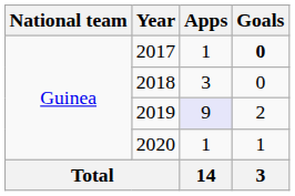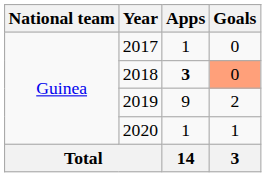 <table class="wikitable" style="text-align:center">
 <tr>
 <th>National team</th>
 <th>Year</th>
 <th>Apps</th>
 <th>Goals</th>
 </tr>
 <tr>
 <td rowspan="4"><a href='#'>Guinea</a></td>
 <td>2017</td>
 <td>1</td>
-<td><strong>0</strong></td>
+<td>0</td>
 </tr>
 <tr>
 <td>2018</td>
-<td>3</td>
-<td>0</td>
+<td><strong>3</strong></td>
+<td style="background: lightsalmon;">0</td>
 </tr>
 <tr>
 <td>2019</td>
-<td style="background: lavender;">9</td>
+<td>9</td>
 <td>2</td>
 </tr>
 <tr>
 <td>2020</td>
 <td>1</td>
 <td>1</td>
 </tr>
 <tr>
 <th colspan="2">Total</th>
 <th>14</th>
 <th>3</th>
 </tr>
 </table>
